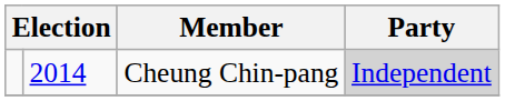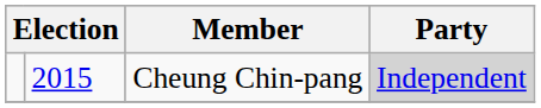 <table class="wikitable">
 <tr>
 <th colspan="2">Election</th>
 <th>Member</th>
 <th>Party</th>
 </tr>
 <tr>
 <td style="background-color:"></td>
-<td><a href='#'>2014</a></td>
+<td><a href='#'>2015</a></td>
 <td>Cheung Chin-pang</td>
 <td style="background: lightgrey;"><a href='#'>Independent</a></td>
 </tr>
 <tr>
 </tr>
 </table>
